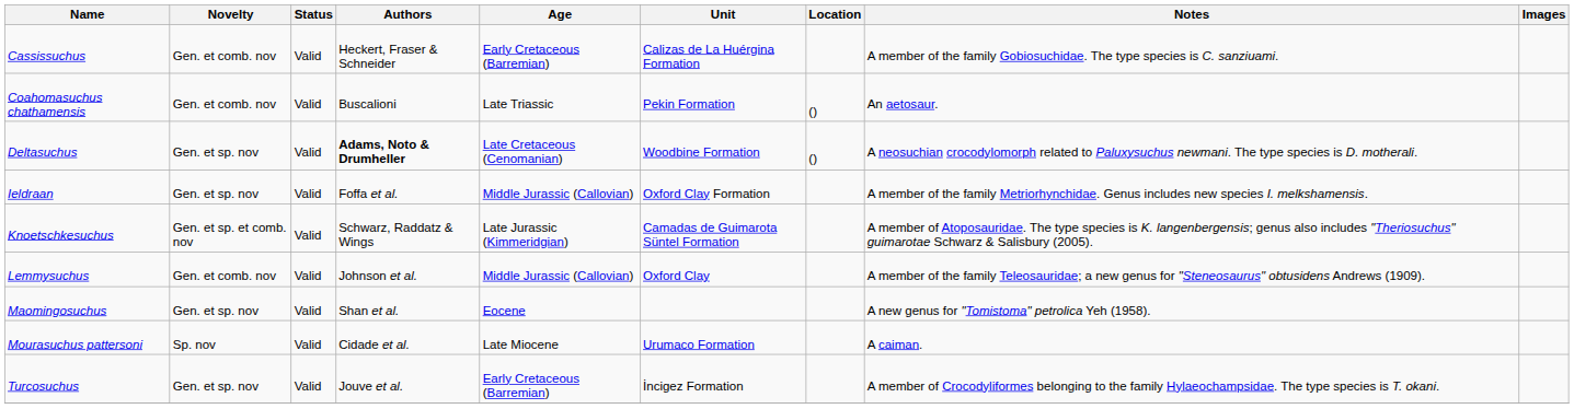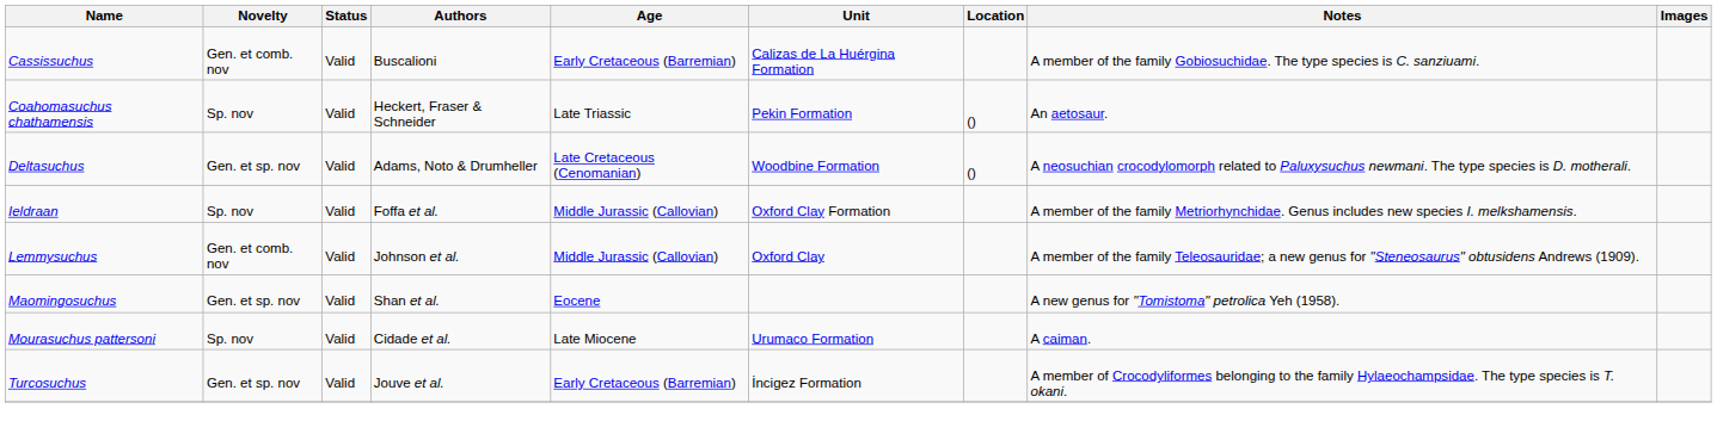 <table class="wikitable sortable" align="center" width="100%">
 <tr>
 <th>Name</th>
 <th>Novelty</th>
 <th>Status</th>
 <th>Authors</th>
 <th>Age</th>
 <th>Unit</th>
 <th>Location</th>
 <th>Notes</th>
 <th>Images</th>
 </tr>
 <tr>
 <td><br><em><a href='#'>Cassissuchus</a></em></td>
 <td><br>Gen. et comb. nov</td>
 <td><br>Valid</td>
-<td><br>Heckert, Fraser & Schneider</td>
+<td><br>Buscalioni</td>
 <td><br><a href='#'>Early Cretaceous</a> (<a href='#'>Barremian</a>)</td>
 <td><br><a href='#'>Calizas de La Huérgina Formation</a></td>
 <td><br></td>
 <td><br>A member of the family <a href='#'>Gobiosuchidae</a>. The type species is <em>C. sanziuami</em>.</td>
 <td></td>
 </tr>
 <tr>
 <td><br><em><a href='#'>Coahomasuchus chathamensis</a></em></td>
-<td><br>Gen. et comb. nov</td>
+<td><br>Sp. nov</td>
 <td><br>Valid</td>
-<td><br>Buscalioni</td>
+<td><br>Heckert, Fraser & Schneider</td>
 <td><br>Late Triassic</td>
 <td><br><a href='#'>Pekin Formation</a></td>
 <td><br><br>()</td>
 <td><br>An <a href='#'>aetosaur</a>.</td>
 <td></td>
 </tr>
 <tr>
 <td><br><em><a href='#'>Deltasuchus</a></em></td>
 <td><br>Gen. et sp. nov</td>
 <td><br>Valid</td>
-<td><strong><br>Adams, Noto & Drumheller</strong></td>
+<td><br>Adams, Noto & Drumheller</td>
 <td><br><a href='#'>Late Cretaceous</a> (<a href='#'>Cenomanian</a>)</td>
 <td><br><a href='#'>Woodbine Formation</a></td>
 <td><br><br>()</td>
 <td><br>A <a href='#'>neosuchian</a> <a href='#'>crocodylomorph</a> related to <em><a href='#'>Paluxysuchus</a> newmani</em>. The type species is <em>D. motherali</em>.</td>
 <td></td>
 </tr>
 <tr>
 <td><br><em><a href='#'>Ieldraan</a></em></td>
-<td><br>Gen. et sp. nov</td>
+<td><br>Sp. nov</td>
 <td><br>Valid</td>
 <td><br>Foffa <em>et al.</em></td>
 <td><br><a href='#'>Middle Jurassic</a> (<a href='#'>Callovian</a>)</td>
 <td><br><a href='#'>Oxford Clay</a> Formation</td>
 <td><br></td>
 <td><br>A member of the family <a href='#'>Metriorhynchidae</a>. Genus includes new species <em>I. melkshamensis</em>.</td>
-<td></td>
-</tr>
-<tr>
-<td><br><em><a href='#'>Knoetschkesuchus</a></em></td>
-<td><br>Gen. et sp. et comb. nov</td>
-<td><br>Valid</td>
-<td><br>Schwarz, Raddatz & Wings</td>
-<td><br>Late Jurassic (<a href='#'>Kimmeridgian</a>)</td>
-<td><br><a href='#'>Camadas de Guimarota</a><br> <a href='#'>Süntel Formation</a></td>
-<td><br><br> </td>
-<td><br>A member of <a href='#'>Atoposauridae</a>. The type species is <em>K. langenbergensis</em>; genus also includes <em>"<a href='#'>Theriosuchus</a>" guimarotae</em> Schwarz & Salisbury (2005).</td>
 <td></td>
 </tr>
 <tr>
 <td><br><em><a href='#'>Lemmysuchus</a></em></td>
 <td><br>Gen. et comb. nov</td>
 <td><br>Valid</td>
 <td><br>Johnson <em>et al.</em></td>
 <td><br><a href='#'>Middle Jurassic</a> (<a href='#'>Callovian</a>)</td>
 <td><br><a href='#'>Oxford Clay</a></td>
 <td><br><br> </td>
 <td><br>A member of the family <a href='#'>Teleosauridae</a>; a new genus for <em>"<a href='#'>Steneosaurus</a>" obtusidens</em> Andrews (1909).</td>
 <td></td>
 </tr>
 <tr>
 <td><br><em><a href='#'>Maomingosuchus</a></em></td>
 <td><br>Gen. et sp. nov</td>
 <td><br>Valid</td>
 <td><br>Shan <em>et al.</em></td>
 <td><br><a href='#'>Eocene</a></td>
 <td></td>
 <td><br></td>
 <td><br>A new genus for <em>"<a href='#'>Tomistoma</a>" petrolica</em> Yeh (1958).</td>
 <td></td>
 </tr>
 <tr>
 <td><br><em><a href='#'>Mourasuchus pattersoni</a></em></td>
 <td><br>Sp. nov</td>
 <td><br>Valid</td>
 <td><br>Cidade <em>et al.</em></td>
 <td><br>Late Miocene</td>
 <td><br><a href='#'>Urumaco Formation</a></td>
 <td><br></td>
 <td><br>A <a href='#'>caiman</a>.</td>
 <td></td>
 </tr>
 <tr>
 <td><br><em><a href='#'>Turcosuchus</a></em></td>
 <td><br>Gen. et sp. nov</td>
 <td><br>Valid</td>
 <td><br>Jouve <em>et al.</em></td>
 <td><br><a href='#'>Early Cretaceous</a> (<a href='#'>Barremian</a>)</td>
 <td><br>İncigez Formation</td>
 <td><br></td>
 <td><br>A member of <a href='#'>Crocodyliformes</a> belonging to the family <a href='#'>Hylaeochampsidae</a>. The type species is <em>T. okani</em>.</td>
 <td></td>
 </tr>
 <tr>
 </tr>
 </table>
